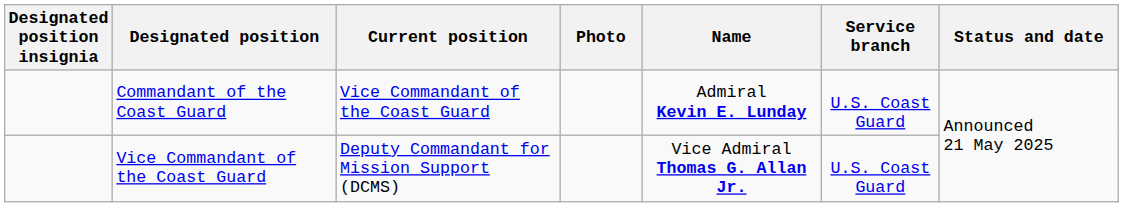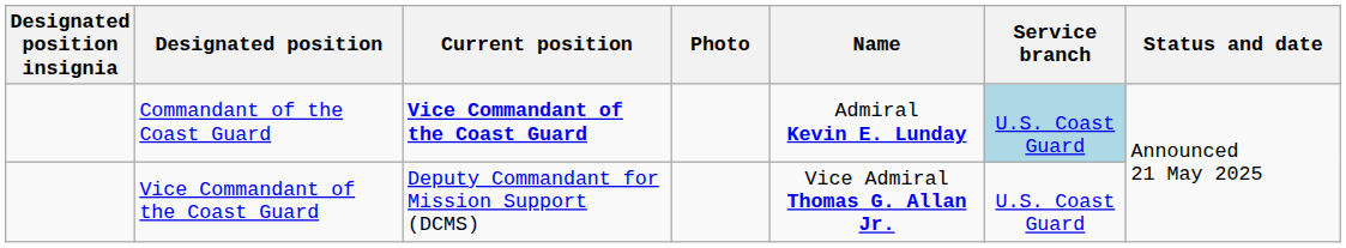 <table class="wikitable">
 <tr>
 <th width="75" style="text-align:center">Designated position insignia</th>
 <th width="250" style="text-align:center">Designated position</th>
 <th width="250" style="text-align:center">Current position</th>
 <th width="75" style="text-align:center">Photo</th>
 <th width="205" style="text-align:center">Name</th>
 <th width="115" style="text-align:center">Service branch</th>
 <th width="190" style="text-align:center">Status and date</th>
 </tr>
 <tr>
 <td></td>
 <td><a href='#'>Commandant of the Coast Guard</a></td>
-<td><a href='#'>Vice Commandant of the Coast Guard</a></td>
+<td><strong><a href='#'>Vice Commandant of the Coast Guard</a></strong></td>
 <td></td>
 <td style="text-align:center">Admiral<br><strong><a href='#'>Kevin E. Lunday</a></strong></td>
-<td style="text-align:center"><br><a href='#'>U.S. Coast Guard</a></td>
+<td style="background: lightblue; text-align:center"><br><a href='#'>U.S. Coast Guard</a></td>
 <td rowspan="2">Announced<br>21 May 2025</td>
 </tr>
 <tr>
 <td></td>
 <td><a href='#'>Vice Commandant of the Coast Guard</a></td>
 <td><a href='#'>Deputy Commandant for Mission Support</a> (DCMS)</td>
 <td></td>
 <td style="text-align:center">Vice Admiral<br><strong><a href='#'>Thomas G. Allan Jr.</a></strong></td>
 <td style="text-align:center"><br><a href='#'>U.S. Coast Guard</a></td>
 </tr>
 </table>
